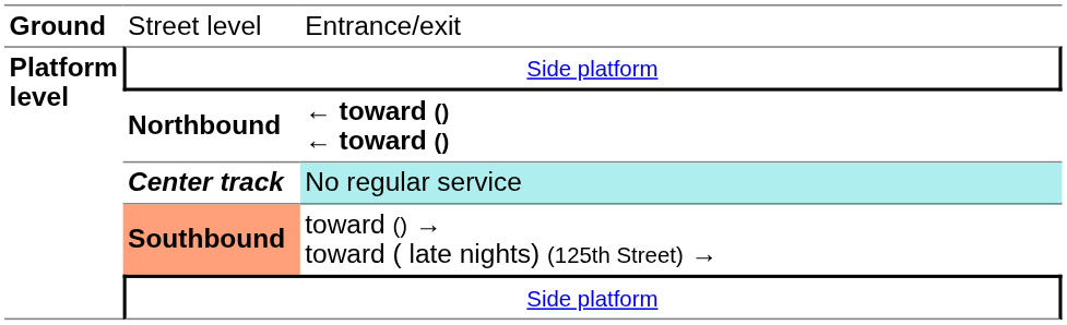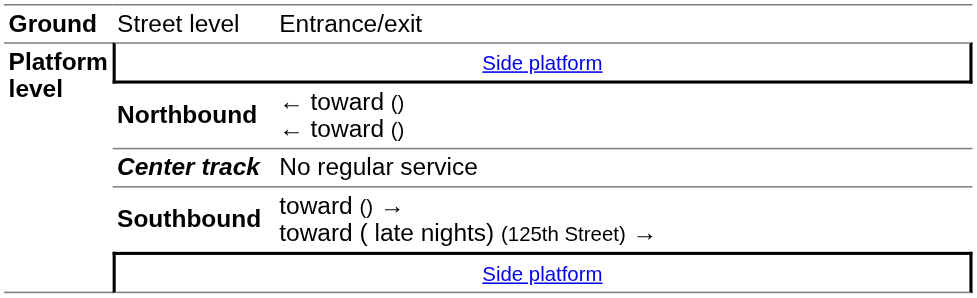 <table table border=0 cellspacing=0 cellpadding=3>
 <tr>
 <td style="border-top:solid 1px gray;" width=50><strong>Ground</strong></td>
 <td style="border-top:solid 1px gray;" width=100>Street level</td>
 <td style="border-top:solid 1px gray;" width=450>Entrance/exit<br></td>
 </tr>
 <tr>
 <td style="border-top:solid 1px gray;border-bottom:solid 1px gray;" rowspan=5 valign=top><strong>Platform level</strong></td>
 <td style="border-top:solid 1px gray;border-right:solid 2px black;border-left:solid 2px black;border-bottom:solid 2px black;text-align:center;" colspan=2><small><a href='#'>Side platform</a> </small></td>
 </tr>
 <tr>
 <td style="border-bottom:solid 1px gray;"><span><strong>Northbound</strong></span></td>
-<td style="border-bottom:solid 1px gray;"><strong>←  toward  <small>()</small><br>←  toward  <small>()</small></strong></td>
+<td style="border-bottom:solid 1px gray;">←  toward  <small>()</small><br>←  toward  <small>()</small></td>
 </tr>
 <tr>
 <td style="border-bottom:solid 1px gray;"><strong><em>Center track</em></strong></td>
-<td style="background: paleturquoise; border-bottom:solid 1px gray;"> No regular service</td>
+<td style="border-bottom:solid 1px gray;"> No regular service</td>
 </tr>
 <tr>
-<td style="background: lightsalmon;"><span><strong>Southbound</strong></span></td>
+<td><span><strong>Southbound</strong></span></td>
 <td>  toward  <small>()</small> →<br>  toward  ( late nights) <small>(125th Street)</small> →</td>
 </tr>
 <tr>
 <td style="border-bottom:solid 1px gray;border-top:solid 2px black;border-right:solid 2px black;border-left:solid 2px black;text-align:center;" colspan=2><small><a href='#'>Side platform</a> </small></td>
 </tr>
 </table>
